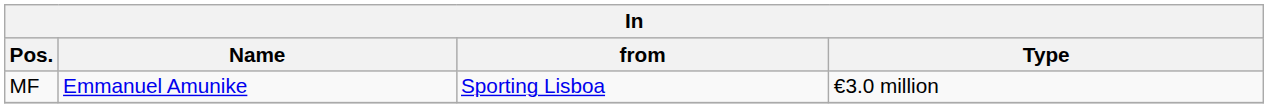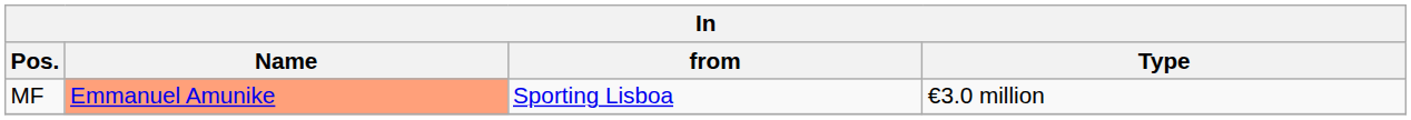 <table class="wikitable" style="font-size:90%;width:99%;">
 <tr>
 <th colspan="4">In</th>
 </tr>
 <tr>
 <th width=3%>Pos.</th>
 <th width=32%>Name</th>
 <th width=30%>from</th>
 <th width=35%>Type</th>
 </tr>
 <tr>
 <td>MF</td>
-<td><a href='#'>Emmanuel Amunike</a></td>
+<td style="background: lightsalmon;"><a href='#'>Emmanuel Amunike</a></td>
 <td><a href='#'>Sporting Lisboa</a></td>
 <td>€3.0 million</td>
 </tr>
 <tr>
 </tr>
 </table>
